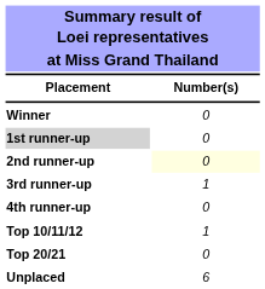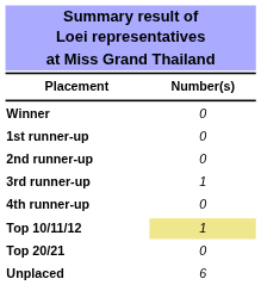 <table style="width: 270px; font-size:85%; line-height:1.5em;">
 <tr>
 <th colspan="2" align="center" style="background:#AAF;"><big>Summary result of<br>Loei representatives<br>at Miss Grand Thailand</big></th>
 </tr>
 <tr>
 <td colspan="2" style="background:black"></td>
 </tr>
 <tr>
 <th scope="col">Placement</th>
 <th scope="col">Number(s)</th>
 </tr>
 <tr>
 <td colspan="2" style="background:black"></td>
 </tr>
 <tr>
 <td align="left"><strong>Winner</strong></td>
 <td align="center"><em>0</em></td>
 </tr>
 <tr>
-<td align="left" style="background: lightgrey;"><strong>1st runner-up</strong></td>
+<td align="left"><strong>1st runner-up</strong></td>
 <td align="center"><em>0</em></td>
 </tr>
 <tr>
 <td align="left"><strong>2nd runner-up</strong></td>
-<td align="center" style="background: lightyellow;"><em>0</em></td>
+<td align="center"><em>0</em></td>
 </tr>
 <tr>
 <td align="left"><strong>3rd runner-up</strong></td>
 <td align="center"><em>1</em></td>
 </tr>
 <tr>
 <td align="left"><strong>4th runner-up</strong></td>
 <td align="center"><em>0</em></td>
 </tr>
 <tr>
 <td align="left"><strong>Top 10/11/12</strong></td>
-<td align="center"><em>1</em></td>
+<td align="center" style="background: khaki;"><em>1</em></td>
 </tr>
 <tr>
 <td align="left"><strong>Top 20/21</strong></td>
 <td align="center"><em>0</em></td>
 </tr>
 <tr>
 <td align="left"><strong>Unplaced</strong></td>
 <td align="center"><em>6</em></td>
 </tr>
 </table>
